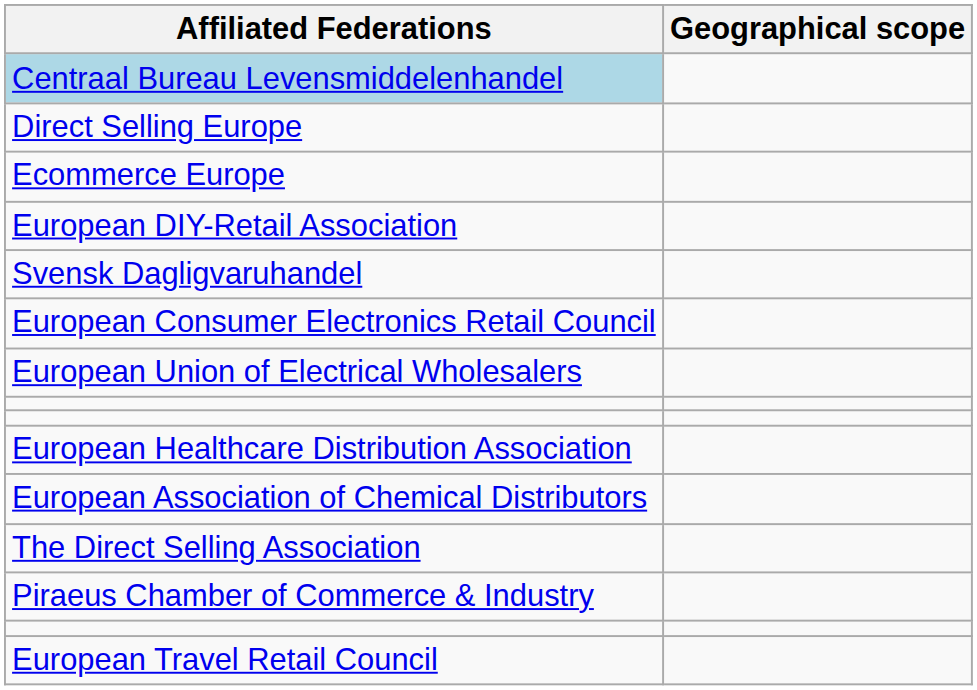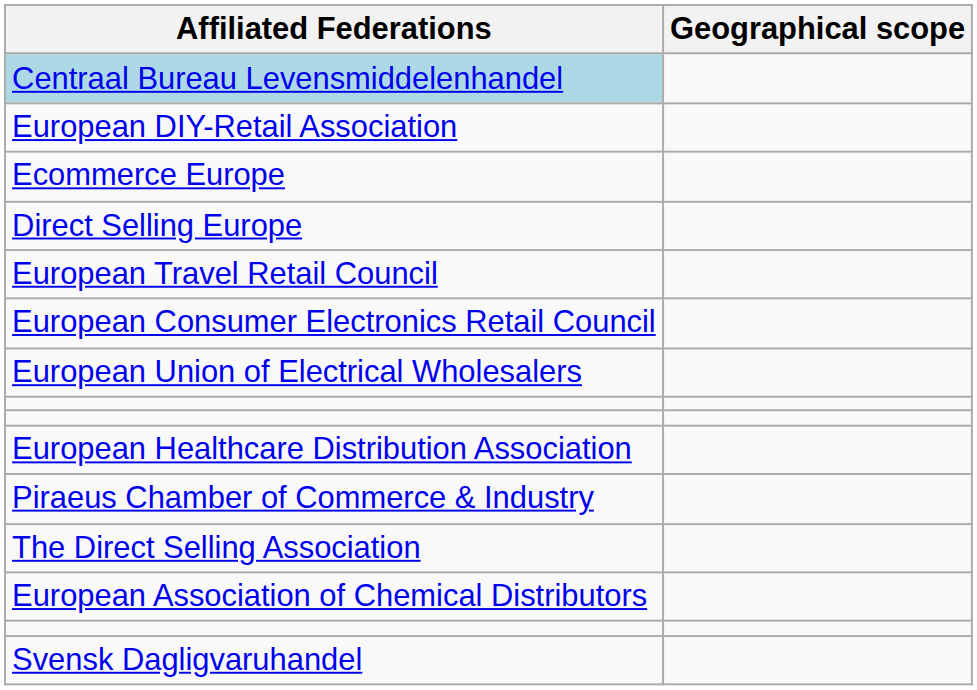 <table class="wikitable sortable">
 <tr>
 <th>Affiliated Federations</th>
 <th>Geographical scope</th>
 </tr>
 <tr>
 <td style="background: lightblue;"><a href='#'>Centraal Bureau  Levensmiddelenhandel</a></td>
 <td></td>
 </tr>
 <tr>
-<td><a href='#'>Direct Selling Europe</a></td>
+<td><a href='#'>European DIY-Retail Association</a></td>
 <td></td>
 </tr>
 <tr>
 <td><a href='#'>Ecommerce Europe</a></td>
 <td></td>
 </tr>
 <tr>
-<td><a href='#'>European DIY-Retail Association</a></td>
+<td><a href='#'>Direct Selling Europe</a></td>
 <td></td>
 </tr>
 <tr>
-<td><a href='#'>Svensk Dagligvaruhandel</a></td>
+<td><a href='#'>European Travel Retail Council</a></td>
 <td></td>
 </tr>
 <tr>
 <td><a href='#'>European Consumer Electronics Retail  Council</a></td>
 <td></td>
 </tr>
 <tr>
 <td><a href='#'>European Union of Electrical  Wholesalers</a></td>
 <td></td>
 </tr>
 <tr>
 <td></td>
 <td></td>
 </tr>
 <tr>
 <td></td>
 <td></td>
 </tr>
 <tr>
 <td><a href='#'>European Healthcare Distribution  Association</a></td>
 <td></td>
 </tr>
 <tr>
-<td><a href='#'>European Association of Chemical  Distributors</a></td>
+<td><a href='#'>Piraeus Chamber of Commerce &  Industry</a></td>
 <td></td>
 </tr>
 <tr>
 <td><a href='#'>The Direct Selling Association</a></td>
 <td></td>
 </tr>
 <tr>
-<td><a href='#'>Piraeus Chamber of Commerce &  Industry</a></td>
+<td><a href='#'>European Association of Chemical  Distributors</a></td>
 <td></td>
 </tr>
 <tr>
 <td></td>
 <td></td>
 </tr>
 <tr>
-<td><a href='#'>European Travel Retail Council</a></td>
+<td><a href='#'>Svensk Dagligvaruhandel</a></td>
 <td></td>
 </tr>
 </table>
